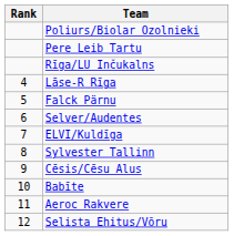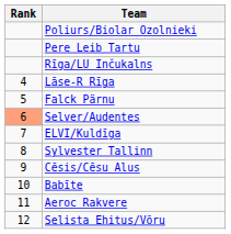 <table class=wikitable style="text-align:center">
 <tr>
 <th width=40>Rank</th>
 <th width=220>Team</th>
 </tr>
 <tr>
 <td></td>
 <td align=left> <a href='#'>Poliurs/Biolar Ozolnieki</a></td>
 </tr>
 <tr>
 <td></td>
 <td align=left> <a href='#'>Pere Leib Tartu</a></td>
 </tr>
 <tr>
 <td></td>
 <td align=left> <a href='#'>Rīga/LU Inčukalns</a></td>
 </tr>
 <tr>
 <td>4</td>
 <td align=left> <a href='#'>Lāse-R Rīga</a></td>
 </tr>
 <tr>
 <td>5</td>
 <td align=left> <a href='#'>Falck Pärnu</a></td>
 </tr>
 <tr>
-<td>6</td>
+<td style="background: lightsalmon;">6</td>
 <td align=left> <a href='#'>Selver/Audentes</a></td>
 </tr>
 <tr>
 <td>7</td>
 <td align=left> <a href='#'>ELVI/Kuldīga</a></td>
 </tr>
 <tr>
 <td>8</td>
 <td align=left> <a href='#'>Sylvester Tallinn</a></td>
 </tr>
 <tr>
 <td>9</td>
 <td align=left> <a href='#'>Cēsis/Cēsu Alus</a></td>
 </tr>
 <tr>
 <td>10</td>
 <td align=left> <a href='#'>Babīte</a></td>
 </tr>
 <tr>
 <td>11</td>
 <td align=left> <a href='#'>Aeroc Rakvere</a></td>
 </tr>
 <tr>
 <td>12</td>
 <td align=left> <a href='#'>Selista Ehitus/Võru</a></td>
 </tr>
 </table>
